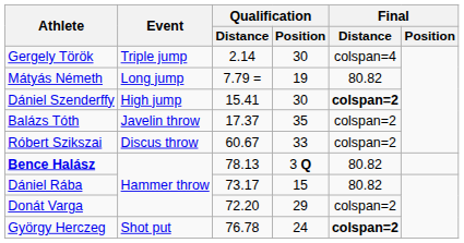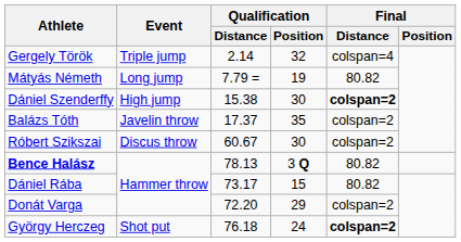 <table class=wikitable style=font-size:90%>
 <tr>
 <th rowspan=2>Athlete</th>
 <th rowspan=2>Event</th>
 <th colspan=2>Qualification</th>
 <th colspan=2>Final</th>
 </tr>
 <tr style=font-size:95%>
 <th>Distance</th>
 <th>Position</th>
 <th>Distance</th>
 <th>Position</th>
 </tr>
 <tr align=center>
 <td align=left><a href='#'>Gergely Török</a></td>
 <td align=left><a href='#'>Triple jump</a></td>
 <td>2.14</td>
-<td>30</td>
+<td>32</td>
 <td>colspan=4 </td>
 </tr>
 <tr align=center>
 <td align=left><a href='#'>Mátyás Németh</a></td>
 <td align=left><a href='#'>Long jump</a></td>
 <td>7.79 =</td>
 <td>19</td>
 <td>80.82 </td>
 </tr>
 <tr align=center>
 <td align=left><a href='#'>Dániel Szenderffy</a></td>
 <td align=left><a href='#'>High jump</a></td>
-<td>15.41</td>
+<td>15.38</td>
 <td>30</td>
 <td><strong>colspan=2 </strong></td>
 </tr>
 <tr align=center>
 <td align=left><a href='#'>Balázs Tóth</a></td>
 <td align=left><a href='#'>Javelin throw</a></td>
 <td>17.37</td>
 <td>35</td>
 <td>colspan=2 </td>
 </tr>
 <tr align=center>
 <td align=left><a href='#'>Róbert Szikszai</a></td>
 <td align=left><a href='#'>Discus throw</a></td>
 <td>60.67</td>
-<td>33</td>
+<td>30</td>
 <td>colspan=2 </td>
 </tr>
 <tr align=center>
 <td align=left><strong><a href='#'>Bence Halász</a></strong></td>
 <td align=left rowspan=3><a href='#'>Hammer throw</a></td>
 <td>78.13</td>
 <td>3 <strong>Q</strong></td>
 <td>80.82 </td>
 <td></td>
 </tr>
 <tr align=center>
 <td align=left><a href='#'>Dániel Rába</a></td>
 <td>73.17 </td>
 <td>15</td>
 <td>80.82 </td>
 </tr>
 <tr align=center>
 <td align=left><a href='#'>Donát Varga</a></td>
 <td>72.20</td>
 <td>29</td>
 <td>colspan=2 </td>
 </tr>
 <tr align=center>
 <td align=left><a href='#'>György Herczeg</a></td>
 <td align=left><a href='#'>Shot put</a></td>
-<td>76.78</td>
+<td>76.18</td>
 <td>24</td>
 <td><strong>colspan=2 </strong></td>
 </tr>
 </table>
